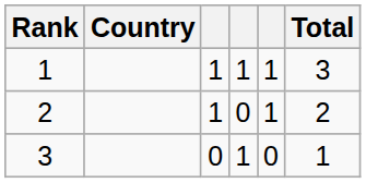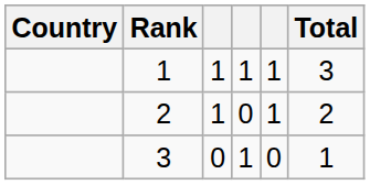 <table class="wikitable" style="text-align: center; font-size: 95%">
 <tr>
+<th>Country</th>
 <th>Rank</th>
-<th>Country</th>
 <th></th>
 <th></th>
 <th></th>
 <th>Total</th>
 </tr>
 <tr>
+<td style="text-align: left"></td>
 <td>1</td>
-<td style="text-align: left"></td>
 <td>1</td>
 <td>1</td>
 <td>1</td>
 <td>3</td>
 </tr>
 <tr>
+<td style="text-align: left"></td>
 <td>2</td>
-<td style="text-align: left"></td>
 <td>1</td>
 <td>0</td>
 <td>1</td>
 <td>2</td>
 </tr>
 <tr>
+<td style="text-align: left"></td>
 <td>3</td>
-<td style="text-align: left"></td>
 <td>0</td>
 <td>1</td>
 <td>0</td>
 <td>1</td>
 </tr>
 </table>
